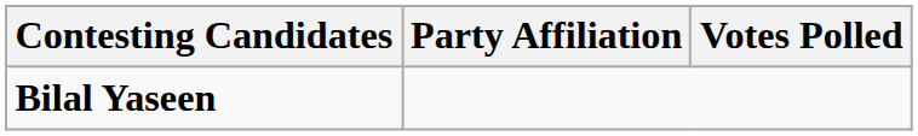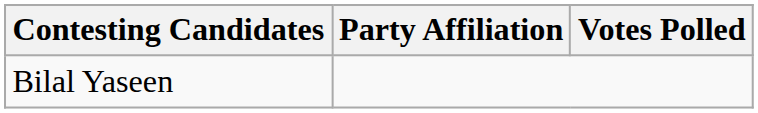 <table class="wikitable sortable">
 <tr>
 <th>Contesting Candidates</th>
 <th>Party Affiliation</th>
 <th>Votes Polled</th>
 </tr>
 <tr>
-<td><strong>Bilal Yaseen</strong></td>
+<td>Bilal Yaseen</td>
 </tr>
 </table>
